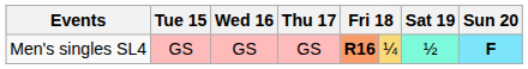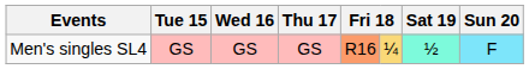 <table class="wikitable" style="margin:0.5em auto; font-size:90%; line-height:1.25em; text-align:center">
 <tr>
 <th>Events</th>
 <th>Tue 15</th>
 <th>Wed 16</th>
 <th>Thu 17</th>
 <th colspan="2">Fri 18</th>
 <th>Sat 19</th>
 <th>Sun 20</th>
 </tr>
 <tr>
 <td align="left">Men's singles SL4</td>
 <td bgcolor="#FFBBBB">GS</td>
 <td bgcolor="#FFBBBB">GS</td>
 <td bgcolor="#FFBBBB">GS</td>
-<td bgcolor="#FC9B6A"><strong>R16</strong></td>
+<td bgcolor="#FC9B6A">R16</td>
 <td bgcolor="#FAD978">¼</td>
 <td bgcolor="#7DFADB">½</td>
-<td bgcolor="#7DE5FA"><strong>F</strong></td>
+<td bgcolor="#7DE5FA">F</td>
 </tr>
 </table>
